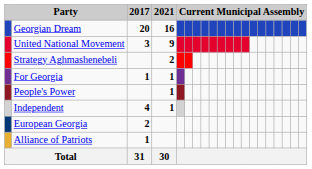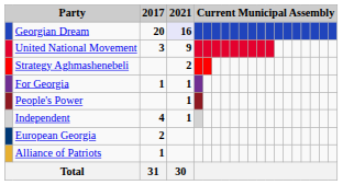 <table class="wikitable">
 <tr>
 <th style="background:#ccc" colspan="2">Party</th>
 <th style="background:#ccc">2017</th>
 <th style="background:#ccc">2021</th>
 <th colspan="33" style="background:#ccc">Current Municipal Assembly</th>
 </tr>
 <tr>
 <td style="background-color: #2044BC"> </td>
 <td><a href='#'>Georgian Dream</a></td>
 <td style="text-align: right"><strong>20</strong></td>
-<td style="text-align: right"><strong>16</strong></td>
+<td style="background: lavender; text-align: right"><strong>16</strong></td>
 <td style="background-color: #2044BC"></td>
 <td style="background-color: #2044BC"> </td>
 <td style="background-color: #2044BC"> </td>
 <td style="background-color: #2044BC"> </td>
 <td style="background-color: #2044BC"> </td>
 <td style="background-color: #2044BC"> </td>
 <td style="background-color: #2044BC"> </td>
 <td style="background-color: #2044BC"> </td>
 <td style="background-color: #2044BC"> </td>
 <td style="background-color: #2044BC"> </td>
 <td style="background-color: #2044BC"> </td>
 <td style="background-color: #2044BC"> </td>
 <td style="background-color: #2044BC"> </td>
 <td style="background-color: #2044BC"> </td>
 <td style="background-color: #2044BC"> </td>
 <td style="background-color: #2044BC"> </td>
 </tr>
 <tr>
 <td style="background-color: #e4012e"> </td>
 <td><a href='#'>United National Movement</a></td>
 <td style="text-align: right"><strong>3</strong></td>
 <td style="text-align: right"><strong>9</strong></td>
 <td style="background-color: #e4012e"> </td>
 <td style="background-color: #e4012e"> </td>
 <td style="background-color: #e4012e"> </td>
 <td style="background-color: #e4012e"> </td>
 <td style="background-color: #e4012e"> </td>
 <td style="background-color: #e4012e"> </td>
 <td style="background-color: #e4012e"> </td>
 <td style="background-color: #e4012e"> </td>
 <td style="background-color: #e4012e"> </td>
 <td></td>
 <td></td>
 <td></td>
 <td></td>
 <td></td>
 <td></td>
 <td></td>
 </tr>
 <tr>
 <td style="background-color: #ff0000"> </td>
 <td><a href='#'>Strategy Aghmashenebeli</a></td>
 <td></td>
 <td style="text-align: right"><strong>2</strong></td>
 <td style="background-color: #ff0000"> </td>
 <td style="background-color: #ff0000"> </td>
 <td></td>
 <td></td>
 <td></td>
 <td></td>
 <td></td>
 <td></td>
 <td></td>
 <td></td>
 <td></td>
 <td></td>
 <td></td>
 <td></td>
 <td></td>
 <td></td>
 </tr>
 <tr>
 <td style="background-color: #702F92"> </td>
 <td><a href='#'>For Georgia</a></td>
 <td style="text-align: right"><strong>1</strong></td>
 <td style="text-align: right"><strong>1</strong></td>
 <td style="background-color: #702F92"> </td>
 <td></td>
 <td></td>
 <td></td>
 <td></td>
 <td></td>
 <td></td>
 <td></td>
 <td></td>
 <td></td>
 <td></td>
 <td></td>
 <td></td>
 <td></td>
 <td></td>
 <td></td>
 </tr>
 <tr>
 <td style="background-color: #8e1922"> </td>
 <td><a href='#'>People's Power</a></td>
 <td></td>
 <td style="text-align: right"><strong>1</strong></td>
 <td style="background-color: #8e1922"> </td>
 <td></td>
 <td></td>
 <td></td>
 <td></td>
 <td></td>
 <td></td>
 <td></td>
 <td></td>
 <td></td>
 <td></td>
 <td></td>
 <td></td>
 <td></td>
 <td></td>
 <td></td>
 </tr>
 <tr>
 <td style="background-color: lightgrey"> </td>
 <td><a href='#'>Independent</a></td>
 <td style="text-align: right"><strong>4</strong></td>
 <td style="text-align: right"><strong>1</strong></td>
 <td style="background-color: lightgrey"> </td>
 <td></td>
 <td></td>
 <td></td>
 <td></td>
 <td></td>
 <td></td>
 <td></td>
 <td></td>
 <td></td>
 <td></td>
 <td></td>
 <td></td>
 <td></td>
 <td></td>
 <td></td>
 </tr>
 <tr>
 <td style="background-color: #003876"> </td>
 <td><a href='#'>European Georgia</a></td>
 <td style="text-align: right"><strong>2</strong></td>
 <td></td>
 <td></td>
 <td></td>
 <td></td>
 <td></td>
 <td></td>
 <td></td>
 <td></td>
 <td></td>
 <td></td>
 <td></td>
 <td></td>
 <td></td>
 <td></td>
 <td></td>
 <td></td>
 <td></td>
 </tr>
 <tr>
 <td style="background-color: #e7b031"> </td>
 <td><a href='#'>Alliance of Patriots</a></td>
 <td style="text-align: right"><strong>1</strong></td>
 <td></td>
 <td></td>
 <td></td>
 <td></td>
 <td></td>
 <td></td>
 <td></td>
 <td></td>
 <td></td>
 <td></td>
 <td></td>
 <td></td>
 <td></td>
 <td></td>
 <td></td>
 <td></td>
 <td></td>
 </tr>
 <tr>
 <th colspan=2>Total</th>
 <th align=right>31</th>
 <th align=right>30</th>
 <th colspan="33"> </th>
 </tr>
 </table>
